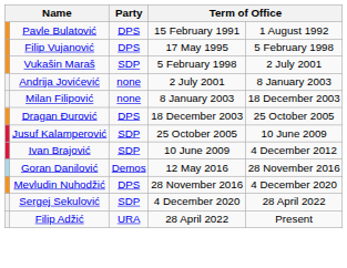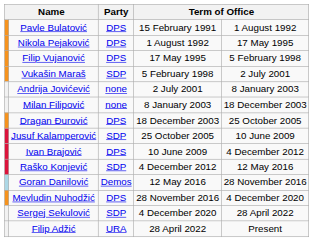 <table class="wikitable" style="text-align:center;">
 <tr>
 <th colspan=2>Name<br></th>
 <th>Party</th>
 <th colspan=2>Term of Office</th>
 </tr>
 <tr>
 <th style="background:#F6931D;"></th>
 <td><a href='#'>Pavle Bulatović</a><br></td>
 <td><a href='#'>DPS</a></td>
 <td>15 February 1991</td>
 <td>1 August 1992</td>
+</tr>
+<tr>
+<th style="background:#F6931D;"></th>
+<td><a href='#'>Nikola Pejaković</a><br></td>
+<td><a href='#'>DPS</a></td>
+<td>1 August 1992</td>
+<td>17 May 1995</td>
 </tr>
 <tr>
 <th style="background:#F6931D;"></th>
 <td><a href='#'>Filip Vujanović</a><br></td>
 <td><a href='#'>DPS</a></td>
 <td>17 May 1995</td>
 <td>5 February 1998</td>
 </tr>
 <tr>
 <th style="background:#F6931D;"></th>
 <td><a href='#'>Vukašin Maraš</a><br></td>
 <td><a href='#'>SDP</a></td>
 <td>5 February 1998</td>
 <td>2 July 2001</td>
 </tr>
 <tr>
 <th style="background:"></th>
 <td><a href='#'>Andrija Jovićević</a><br></td>
 <td><a href='#'>none</a></td>
 <td>2 July 2001</td>
 <td>8 January 2003</td>
 </tr>
 <tr>
 <th style="background:"></th>
 <td><a href='#'>Milan Filipović</a><br></td>
 <td><a href='#'>none</a></td>
 <td>8 January 2003</td>
 <td>18 December 2003</td>
 </tr>
 <tr>
 <th style="background:#F6931D;"></th>
 <td><a href='#'>Dragan Đurović</a><br></td>
 <td><a href='#'>DPS</a></td>
 <td>18 December 2003</td>
 <td>25 October 2005</td>
 </tr>
 <tr>
 <th style="background:#DC143C;"></th>
 <td><a href='#'>Jusuf Kalamperović</a><br></td>
 <td><a href='#'>SDP</a></td>
 <td>25 October 2005</td>
 <td>10 June 2009</td>
 </tr>
 <tr>
 <th style="background:#DC143C;"></th>
 <td><a href='#'>Ivan Brajović</a><br></td>
-<td><a href='#'>SDP</a></td>
+<td><a href='#'>DPS</a></td>
 <td>10 June 2009</td>
 <td>4 December 2012</td>
+</tr>
+<tr>
+<th style="background:#DC143C;"></th>
+<td><a href='#'>Raško Konjević</a><br></td>
+<td><a href='#'>SDP</a></td>
+<td>4 December 2012</td>
+<td>12 May 2016</td>
 </tr>
 <tr>
 <th style="background:lightblue;"></th>
 <td><a href='#'>Goran Danilović</a><br></td>
 <td><a href='#'>Demos</a></td>
 <td>12 May 2016</td>
 <td>28 November 2016</td>
 </tr>
 <tr>
 <th style="background:#F6931D;"></th>
 <td><a href='#'>Mevludin Nuhodžić</a><br></td>
 <td><a href='#'>DPS</a></td>
 <td>28 November 2016</td>
 <td>4 December 2020</td>
 </tr>
 <tr>
 <th style="background:"></th>
 <td><a href='#'>Sergej Sekulović</a><br></td>
 <td><a href='#'>SDP</a></td>
 <td>4 December 2020</td>
 <td>28 April 2022</td>
 </tr>
 <tr>
 <th style="background:"></th>
 <td><a href='#'>Filip Adžić</a><br></td>
 <td><a href='#'>URA</a></td>
 <td>28 April 2022</td>
 <td>Present</td>
 </tr>
 </table>
